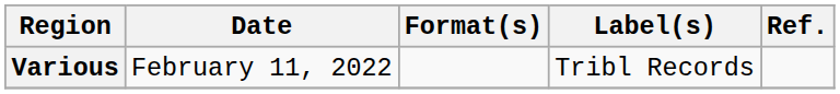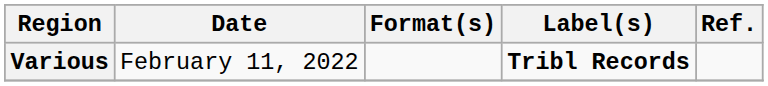 <table class="wikitable plainrowheaders">
 <tr>
 <th scope="col">Region</th>
 <th scope="col">Date</th>
 <th scope="col">Format(s)</th>
 <th scope="col">Label(s)</th>
 <th scope="col">Ref.</th>
 </tr>
 <tr>
 <th scope="row">Various</th>
 <td>February 11, 2022</td>
 <td></td>
-<td>Tribl Records</td>
+<td><strong>Tribl Records</strong></td>
 <td></td>
 </tr>
 <tr>
 </tr>
 </table>
